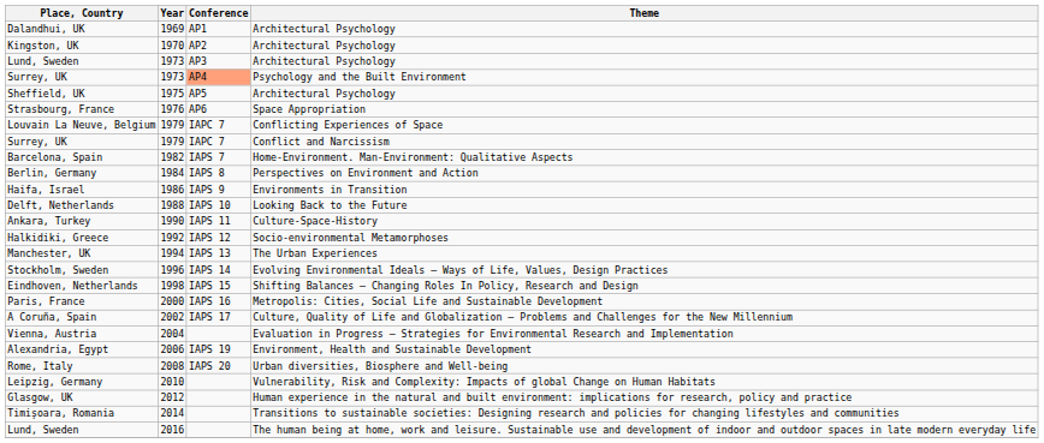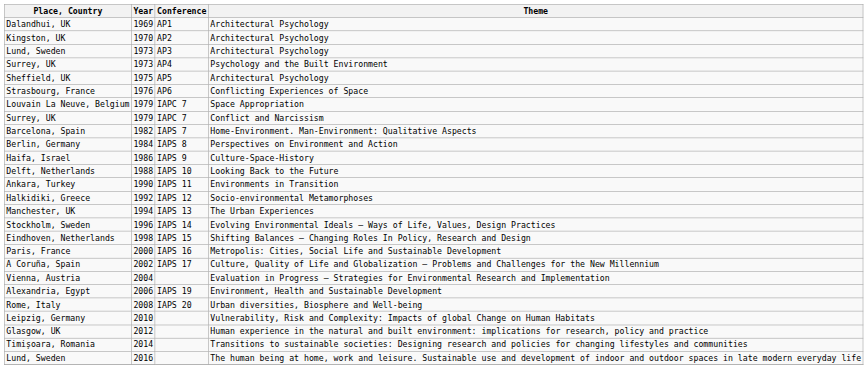 <table class=wikitable>
 <tr>
 <th>Place, Country</th>
 <th>Year</th>
 <th>Conference</th>
 <th>Theme</th>
 </tr>
 <tr>
 <td>Dalandhui, UK</td>
 <td>1969</td>
 <td>AP1</td>
 <td>Architectural Psychology</td>
 </tr>
 <tr>
 <td>Kingston, UK</td>
 <td>1970</td>
 <td>AP2</td>
 <td>Architectural Psychology</td>
 </tr>
 <tr>
 <td>Lund, Sweden</td>
 <td>1973</td>
 <td>AP3</td>
 <td>Architectural Psychology</td>
 </tr>
 <tr>
 <td>Surrey, UK</td>
 <td>1973</td>
-<td style="background: lightsalmon;">AP4</td>
+<td>AP4</td>
 <td>Psychology and the Built Environment</td>
 </tr>
 <tr>
 <td>Sheffield, UK</td>
 <td>1975</td>
 <td>AP5</td>
 <td>Architectural Psychology</td>
 </tr>
 <tr>
 <td>Strasbourg, France</td>
 <td>1976</td>
 <td>AP6</td>
-<td>Space Appropriation</td>
+<td>Conflicting Experiences of Space</td>
 </tr>
 <tr>
 <td>Louvain La Neuve, Belgium</td>
 <td>1979</td>
 <td>IAPC 7</td>
-<td>Conflicting Experiences of Space</td>
+<td>Space Appropriation</td>
 </tr>
 <tr>
 <td>Surrey, UK</td>
 <td>1979</td>
 <td>IAPC 7</td>
 <td>Conflict and Narcissism</td>
 </tr>
 <tr>
 <td>Barcelona, Spain</td>
 <td>1982</td>
 <td>IAPS 7</td>
 <td>Home-Environment. Man-Environment: Qualitative Aspects</td>
 </tr>
 <tr>
 <td>Berlin, Germany</td>
 <td>1984</td>
 <td>IAPS 8</td>
 <td>Perspectives on Environment and Action</td>
 </tr>
 <tr>
 <td>Haifa, Israel</td>
 <td>1986</td>
 <td>IAPS 9</td>
-<td>Environments in Transition</td>
+<td>Culture-Space-History</td>
 </tr>
 <tr>
 <td>Delft, Netherlands</td>
 <td>1988</td>
 <td>IAPS 10</td>
 <td>Looking Back to the Future</td>
 </tr>
 <tr>
 <td>Ankara, Turkey</td>
 <td>1990</td>
 <td>IAPS 11</td>
-<td>Culture-Space-History</td>
+<td>Environments in Transition</td>
 </tr>
 <tr>
 <td>Halkidiki, Greece</td>
 <td>1992</td>
 <td>IAPS 12</td>
 <td>Socio-environmental Metamorphoses</td>
 </tr>
 <tr>
 <td>Manchester, UK</td>
 <td>1994</td>
 <td>IAPS 13</td>
 <td>The Urban Experiences</td>
 </tr>
 <tr>
 <td>Stockholm, Sweden</td>
 <td>1996</td>
 <td>IAPS 14</td>
 <td>Evolving Environmental Ideals – Ways of Life, Values, Design Practices</td>
 </tr>
 <tr>
 <td>Eindhoven, Netherlands</td>
 <td>1998</td>
 <td>IAPS 15</td>
 <td>Shifting Balances – Changing Roles In Policy, Research and Design</td>
 </tr>
 <tr>
 <td>Paris, France</td>
 <td>2000</td>
 <td>IAPS 16</td>
 <td>Metropolis: Cities, Social Life and Sustainable Development</td>
 </tr>
 <tr>
 <td>A Coruña, Spain</td>
 <td>2002</td>
 <td>IAPS 17</td>
 <td>Culture, Quality of Life and Globalization – Problems and Challenges for the New Millennium</td>
 </tr>
 <tr>
 <td>Vienna, Austria</td>
 <td>2004</td>
 <td> </td>
 <td>Evaluation in Progress – Strategies for Environmental Research and Implementation</td>
 </tr>
 <tr>
 <td>Alexandria, Egypt</td>
 <td>2006</td>
 <td>IAPS 19</td>
 <td>Environment, Health and Sustainable Development</td>
 </tr>
 <tr>
 <td>Rome, Italy</td>
 <td>2008</td>
 <td>IAPS 20</td>
 <td>Urban diversities, Biosphere and Well-being</td>
 </tr>
 <tr>
 <td>Leipzig, Germany</td>
 <td>2010</td>
 <td></td>
 <td>Vulnerability, Risk and Complexity: Impacts of global Change on Human Habitats</td>
 </tr>
 <tr>
 <td>Glasgow, UK</td>
 <td>2012</td>
 <td> </td>
 <td>Human experience in the natural and built environment: implications for research, policy and practice</td>
 </tr>
 <tr>
 <td>Timișoara, Romania</td>
 <td>2014</td>
 <td> </td>
 <td>Transitions to sustainable societies: Designing research and policies for changing lifestyles and communities</td>
 </tr>
 <tr>
 <td>Lund, Sweden</td>
 <td>2016</td>
 <td></td>
 <td>The human being at home, work and leisure.  Sustainable use and development of indoor and outdoor spaces in late modern everyday life</td>
 </tr>
 <tr>
 </tr>
 </table>
